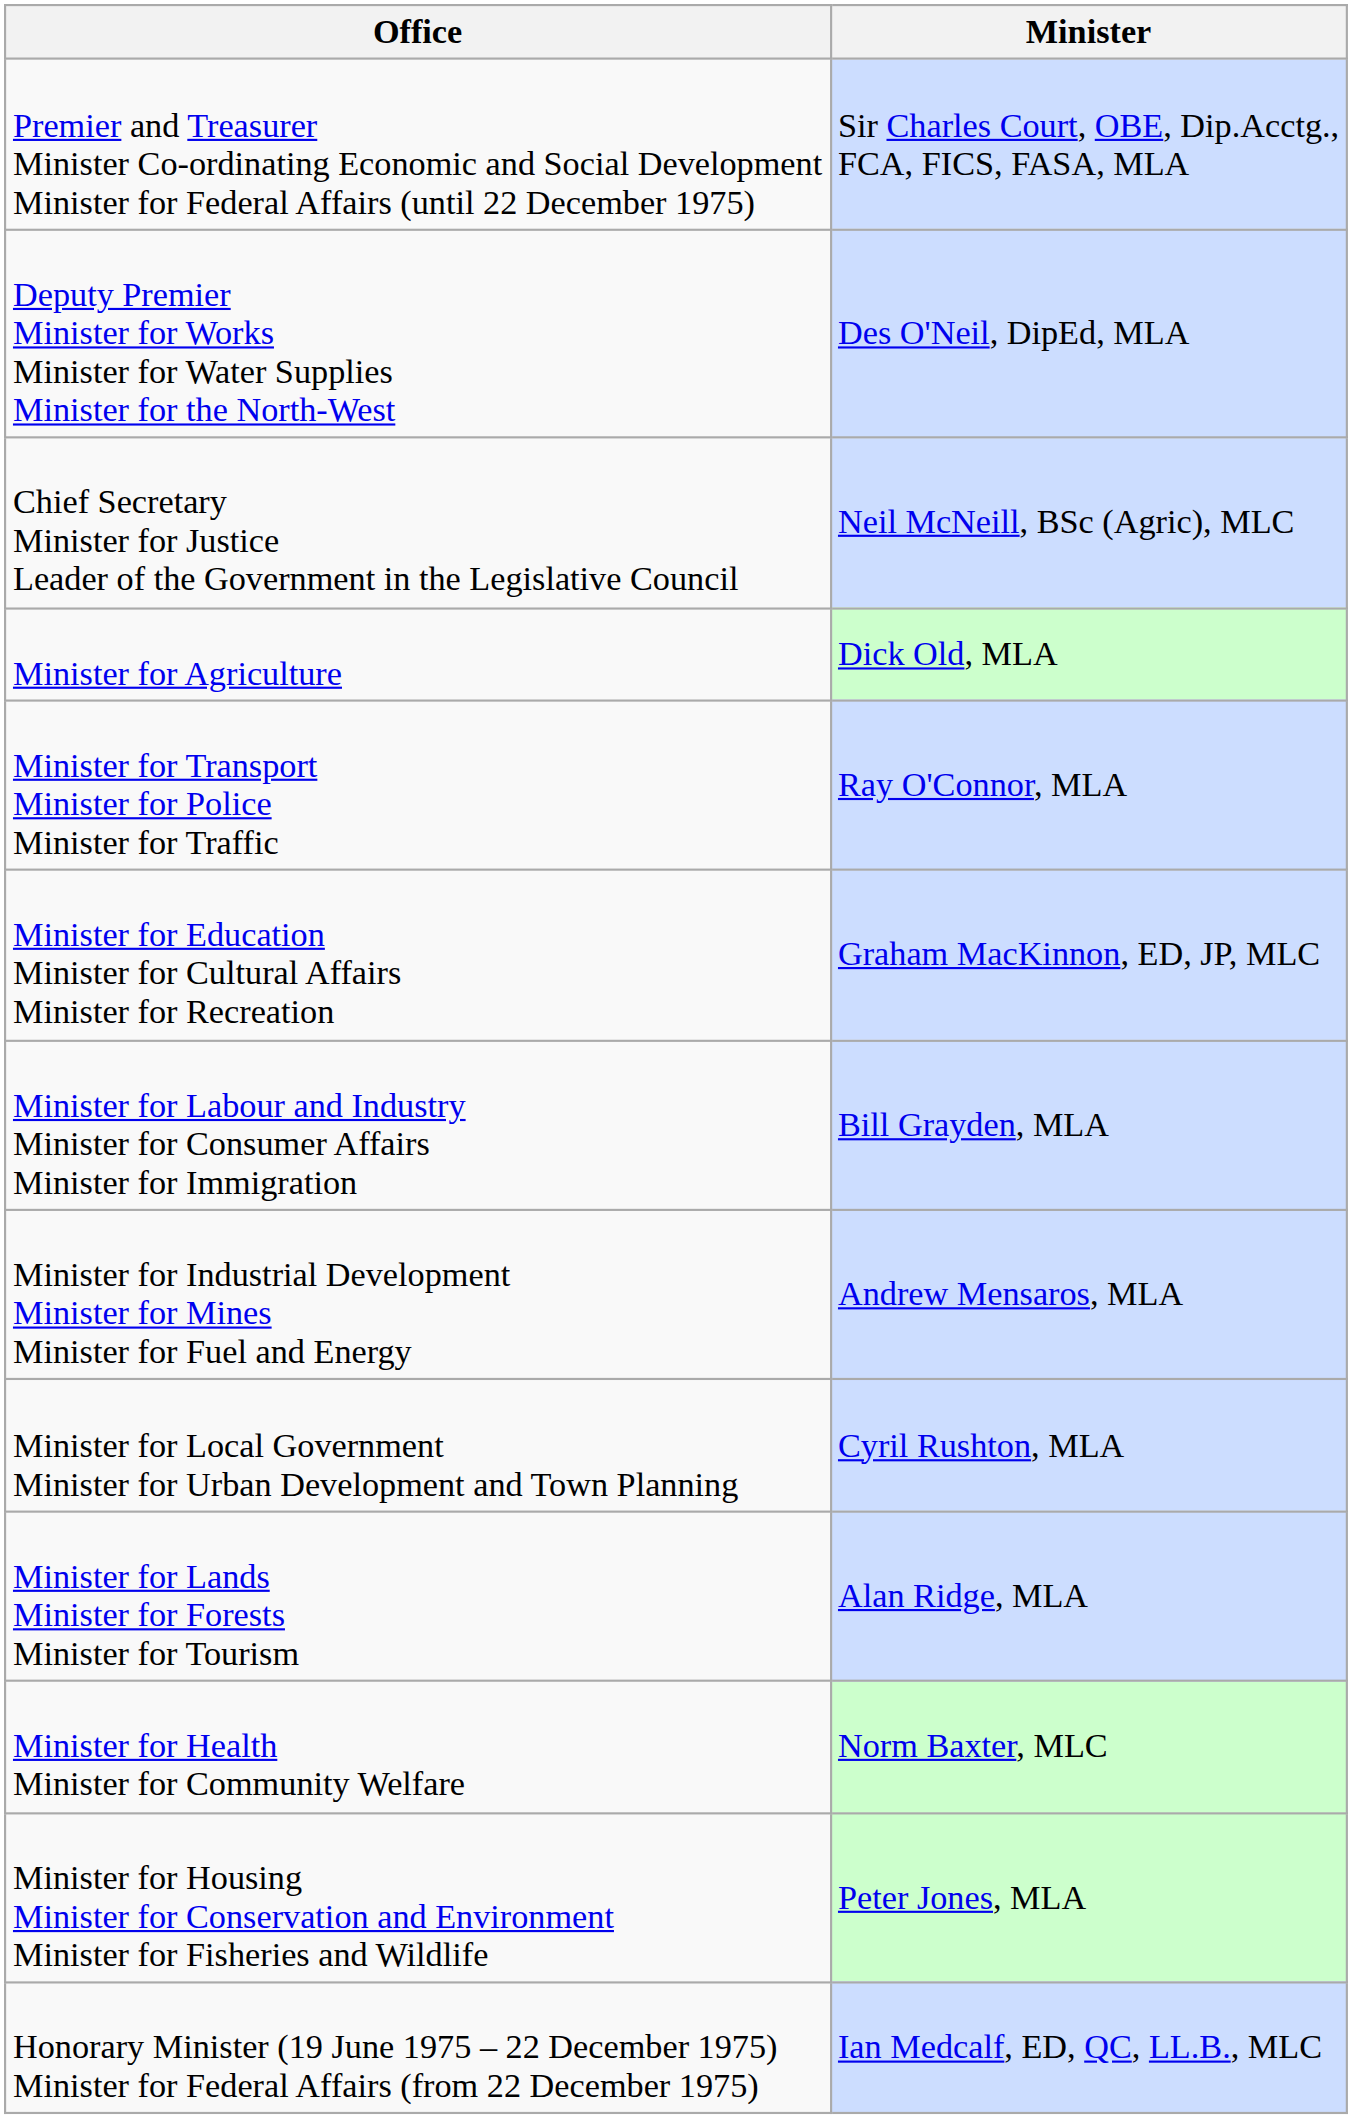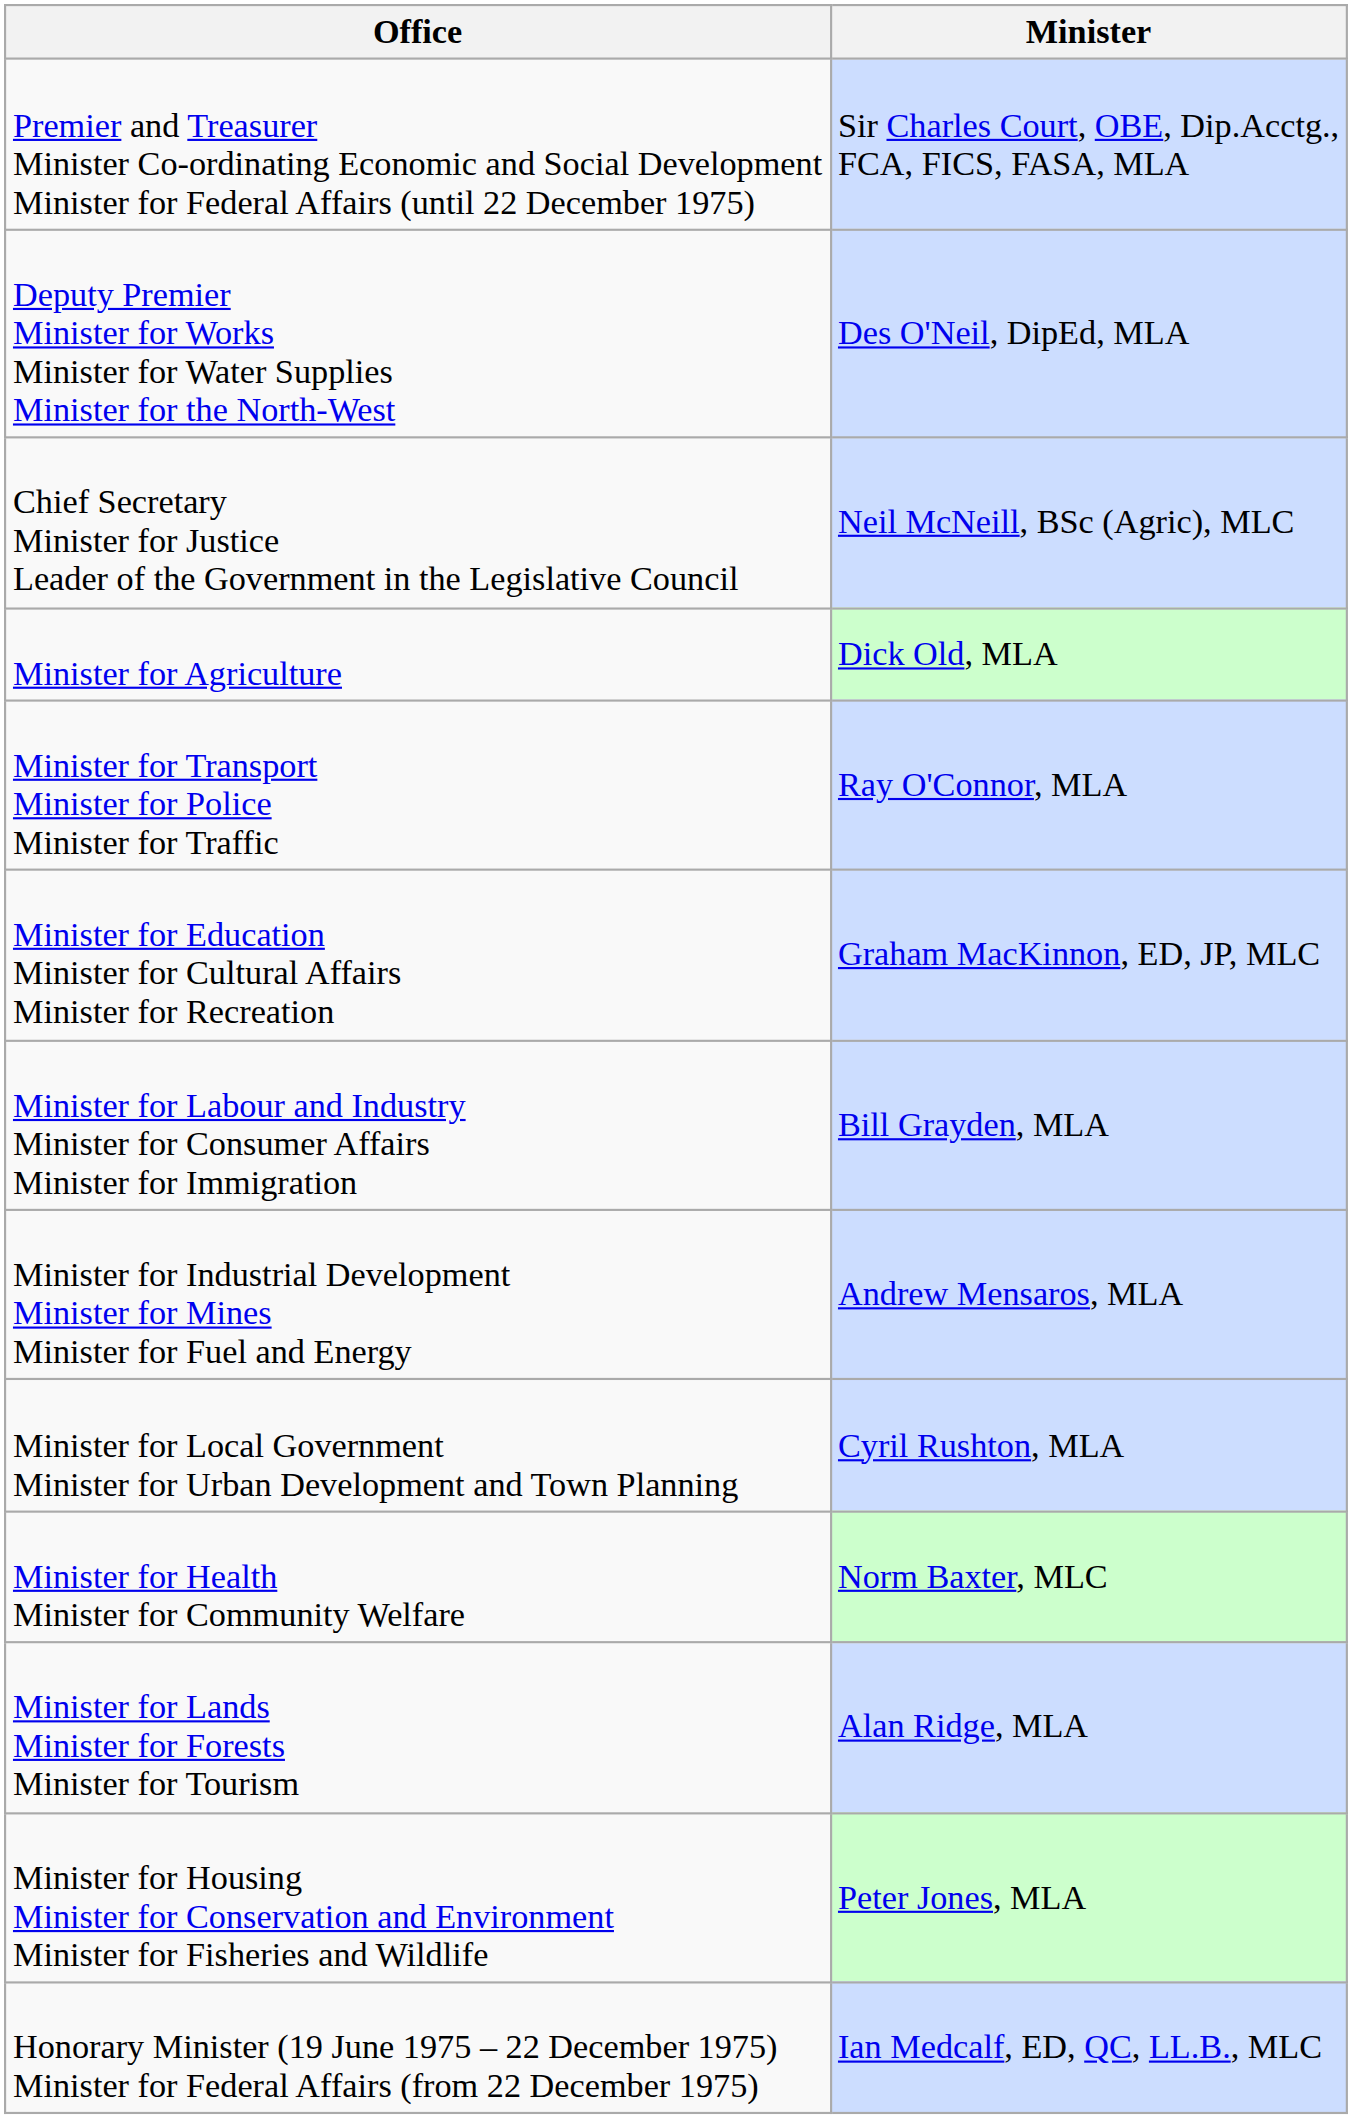 <table class="wikitable">
 <tr>
 <th>Office</th>
 <th>Minister</th>
 </tr>
 <tr>
 <td><br><a href='#'>Premier</a> and <a href='#'>Treasurer</a><br> Minister Co-ordinating Economic and Social Development<br> Minister for Federal Affairs (until 22 December 1975)</td>
 <td style="background:#CCDDFF">Sir <a href='#'>Charles Court</a>, <a href='#'>OBE</a>, Dip.Acctg.,<br>FCA, FICS, FASA, MLA</td>
 </tr>
 <tr>
 <td><br><a href='#'>Deputy Premier</a><br> <a href='#'>Minister for Works</a><br> Minister for Water Supplies<br> <a href='#'>Minister for the North-West</a><br></td>
 <td style="background:#CCDDFF"><a href='#'>Des O'Neil</a>, DipEd, MLA</td>
 </tr>
 <tr>
 <td><br>Chief Secretary<br> Minister for Justice<br> Leader of the Government in the Legislative Council<br></td>
 <td style="background:#CCDDFF"><a href='#'>Neil McNeill</a>, BSc (Agric), MLC</td>
 </tr>
 <tr>
 <td><br><a href='#'>Minister for Agriculture</a><br></td>
 <td style="background:#CCFFCC"><a href='#'>Dick Old</a>, MLA</td>
 </tr>
 <tr>
 <td><br><a href='#'>Minister for Transport</a><br> <a href='#'>Minister for Police</a><br> Minister for Traffic<br></td>
 <td style="background:#CCDDFF"><a href='#'>Ray O'Connor</a>, MLA</td>
 </tr>
 <tr>
 <td><br><a href='#'>Minister for Education</a><br> Minister for Cultural Affairs<br> Minister for Recreation<br></td>
 <td style="background:#CCDDFF"><a href='#'>Graham MacKinnon</a>, ED, JP, MLC</td>
 </tr>
 <tr>
 <td><br><a href='#'>Minister for Labour and Industry</a><br> Minister for Consumer Affairs<br> Minister for Immigration<br></td>
 <td style="background:#CCDDFF"><a href='#'>Bill Grayden</a>, MLA</td>
 </tr>
 <tr>
 <td><br>Minister for Industrial Development<br> <a href='#'>Minister for Mines</a><br> Minister for Fuel and Energy</td>
 <td style="background:#CCDDFF"><a href='#'>Andrew Mensaros</a>, MLA</td>
 </tr>
 <tr>
 <td><br>Minister for Local Government<br> Minister for Urban Development and Town Planning<br></td>
 <td style="background:#CCDDFF"><a href='#'>Cyril Rushton</a>, MLA</td>
 </tr>
 <tr>
+<td><br><a href='#'>Minister for Health</a><br> Minister for Community Welfare<br></td>
+<td style="background:#CCFFCC"><a href='#'>Norm Baxter</a>, MLC</td>
+</tr>
+<tr>
 <td><br><a href='#'>Minister for Lands</a><br> <a href='#'>Minister for Forests</a><br> Minister for Tourism<br></td>
 <td style="background:#CCDDFF"><a href='#'>Alan Ridge</a>, MLA</td>
-</tr>
-<tr>
-<td><br><a href='#'>Minister for Health</a><br> Minister for Community Welfare<br></td>
-<td style="background:#CCFFCC"><a href='#'>Norm Baxter</a>, MLC</td>
 </tr>
 <tr>
 <td><br>Minister for Housing<br> <a href='#'>Minister for Conservation and Environment</a><br> Minister for Fisheries and Wildlife<br></td>
 <td style="background:#CCFFCC"><a href='#'>Peter Jones</a>, MLA</td>
 </tr>
 <tr>
 <td><br>Honorary Minister (19 June 1975 – 22 December 1975)<br> Minister for Federal Affairs (from 22 December 1975)</td>
 <td style="background:#CCDDFF"><a href='#'>Ian Medcalf</a>, ED, <a href='#'>QC</a>, <a href='#'>LL.B.</a>, MLC</td>
 </tr>
 </table>
